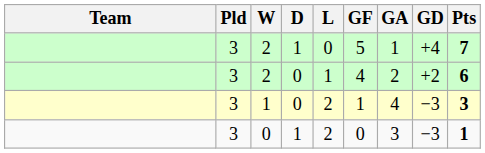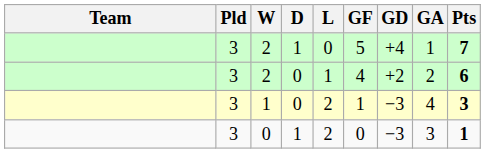 <table class="wikitable" style="text-align:center;">
 <tr>
 <th width=180>Team</th>
 <th width=20>Pld</th>
 <th width=20>W</th>
 <th width=20>D</th>
 <th width=20>L</th>
 <th width=20>GF</th>
+<th width=20>GD</th>
 <th width=20>GA</th>
-<th width=20>GD</th>
 <th width=20>Pts</th>
 </tr>
 <tr align=center style="background:#ccffcc;">
 <td style="text-align:left;"></td>
 <td>3</td>
 <td>2</td>
 <td>1</td>
 <td>0</td>
 <td>5</td>
+<td>+4</td>
 <td>1</td>
-<td>+4</td>
 <td><strong>7</strong></td>
 </tr>
 <tr align=center style="background:#ccffcc;">
 <td style="text-align:left;"></td>
 <td>3</td>
 <td>2</td>
 <td>0</td>
 <td>1</td>
 <td>4</td>
+<td>+2</td>
 <td>2</td>
-<td>+2</td>
 <td><strong>6</strong></td>
 </tr>
 <tr align=center style="background:#ffffcc;">
 <td style="text-align:left;"></td>
 <td>3</td>
 <td>1</td>
 <td>0</td>
 <td>2</td>
 <td>1</td>
+<td>−3</td>
 <td>4</td>
-<td>−3</td>
 <td><strong>3</strong></td>
 </tr>
 <tr align=center>
 <td style="text-align:left;"></td>
 <td>3</td>
 <td>0</td>
 <td>1</td>
 <td>2</td>
 <td>0</td>
+<td>−3</td>
 <td>3</td>
-<td>−3</td>
 <td><strong>1</strong></td>
 </tr>
 </table>
